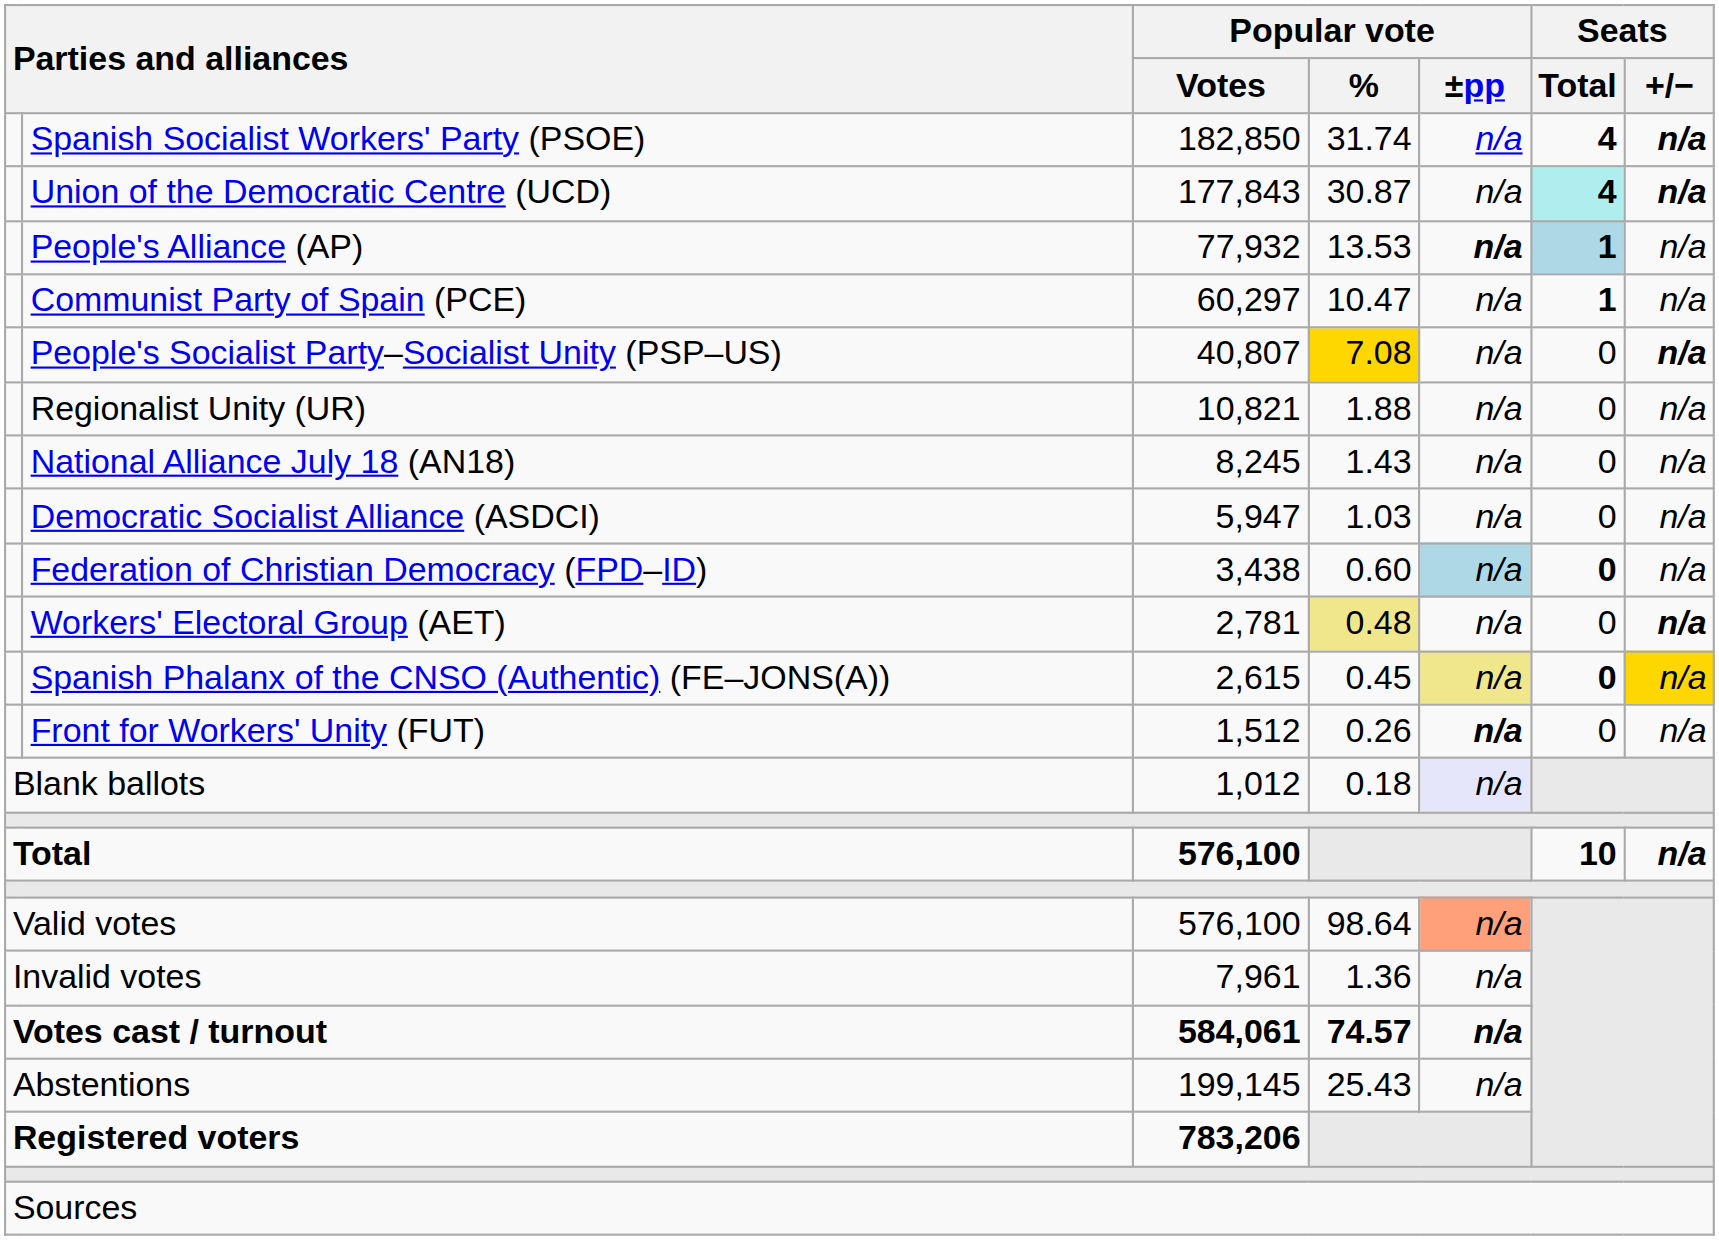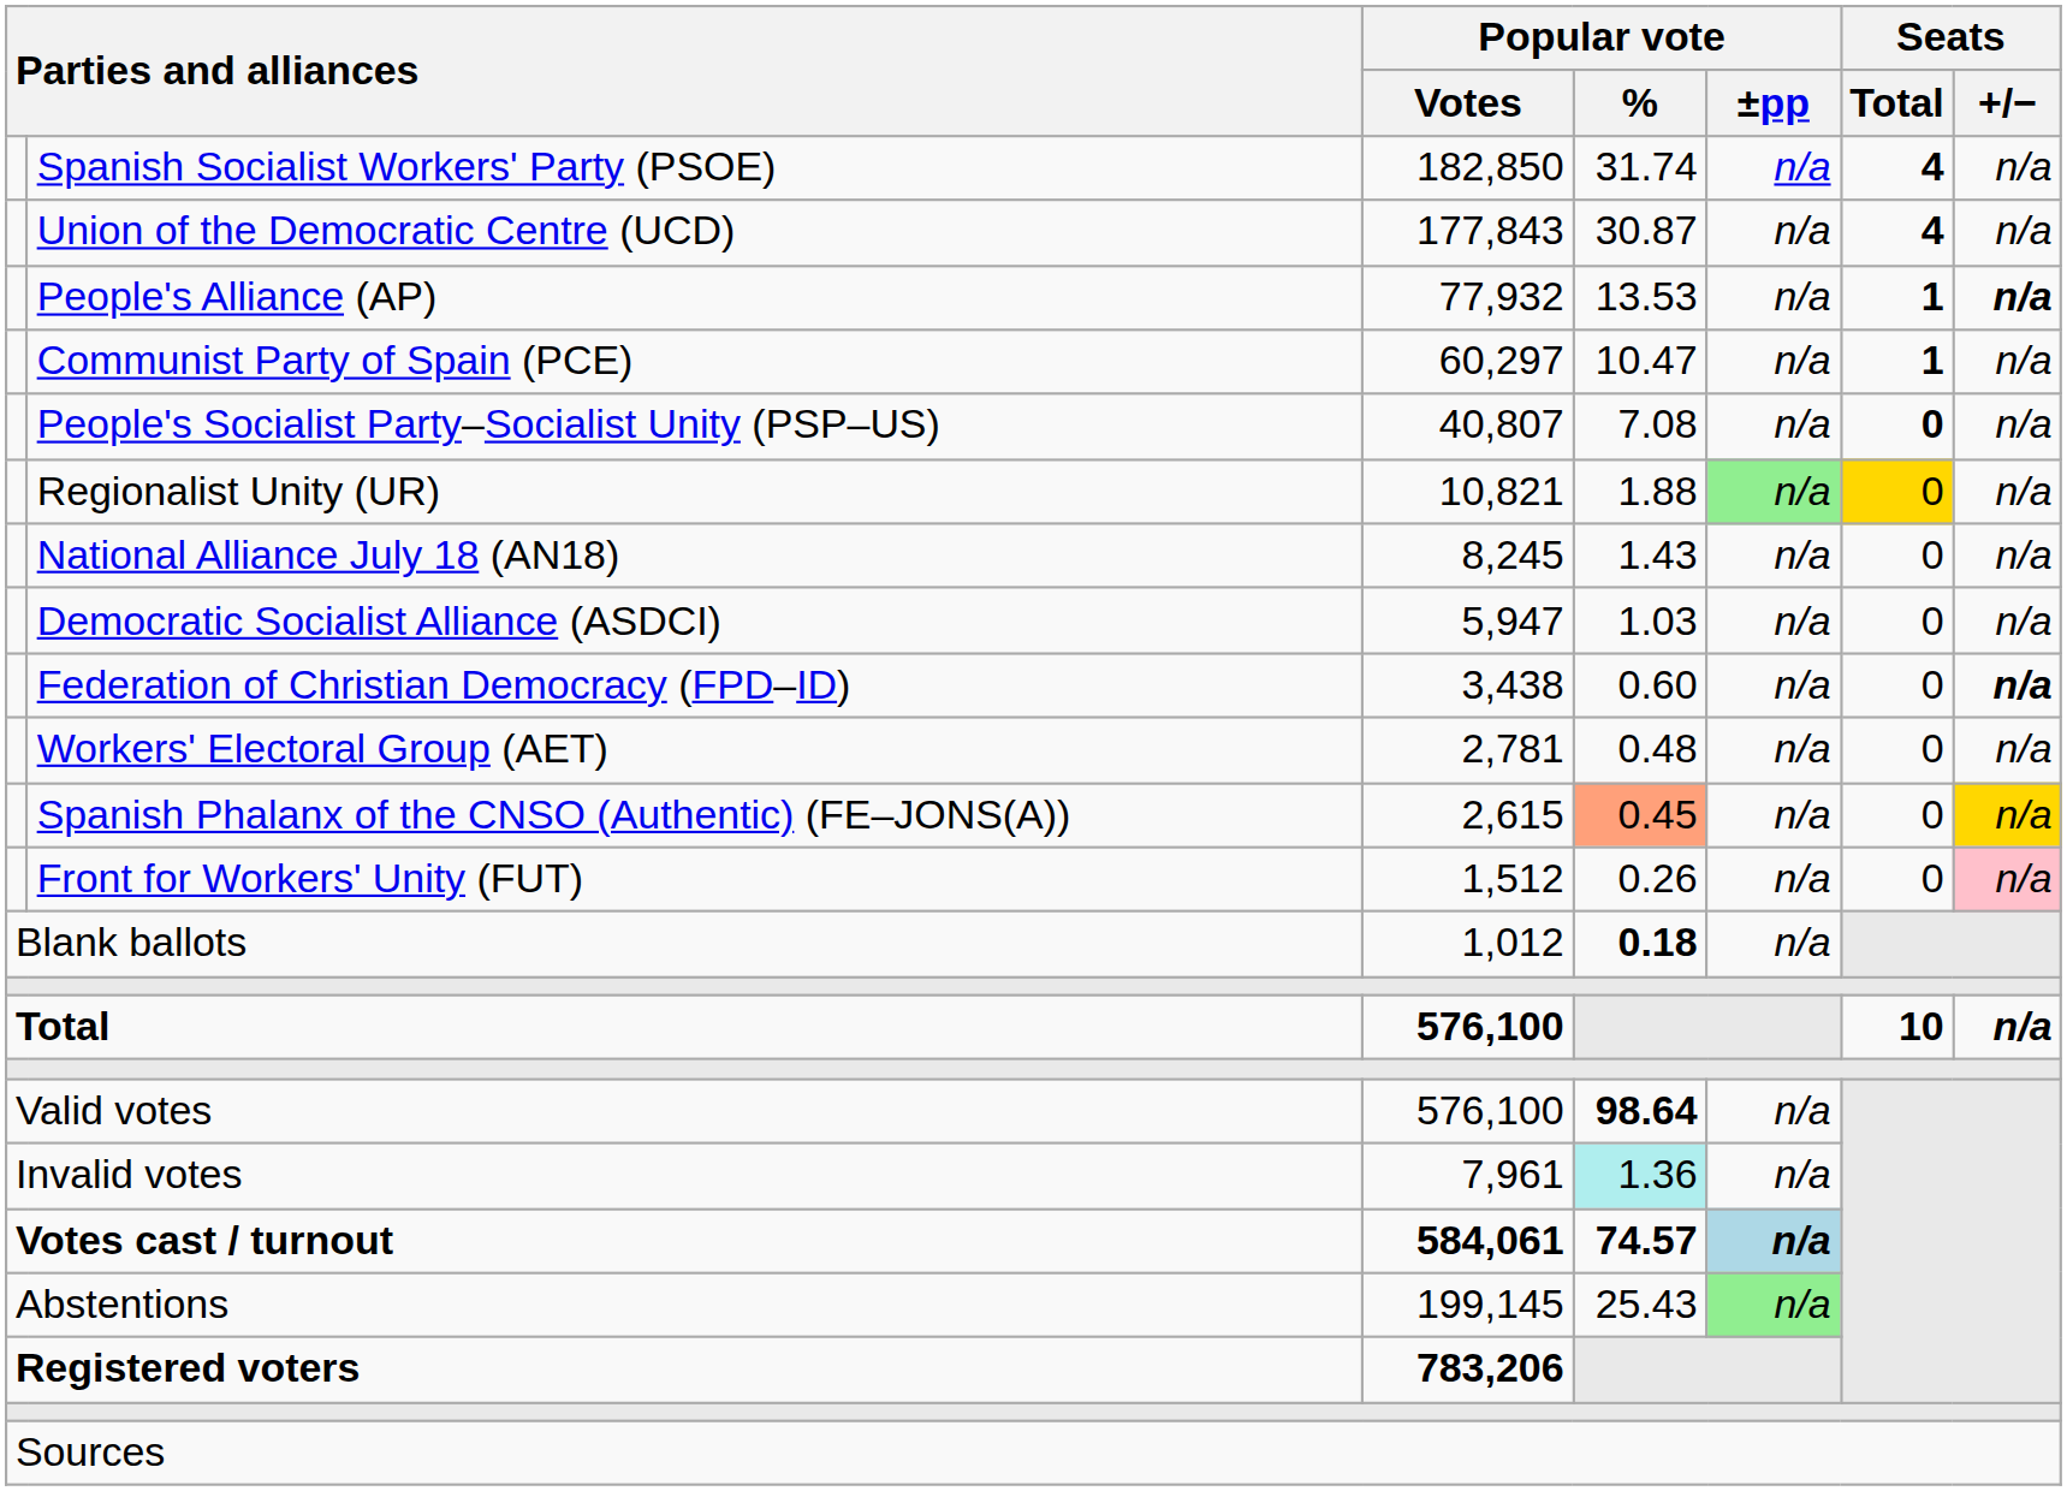 <table class="wikitable" style="text-align:right;">
 <tr>
 <th style="text-align:left;" rowspan="2" colspan="2" width="525">Parties and alliances</th>
 <th colspan="3">Popular vote</th>
 <th colspan="2">Seats</th>
 </tr>
 <tr>
 <th width="75">Votes</th>
 <th width="45">%</th>
 <th width="45">±<a href='#'>pp</a></th>
 <th width="35">Total</th>
 <th width="35">+/−</th>
 </tr>
 <tr>
 <td width="1" style="color:inherit;background:"></td>
 <td align="left"><a href='#'>Spanish Socialist Workers' Party</a> (PSOE)</td>
 <td>182,850</td>
 <td>31.74</td>
 <td><em><a href='#'>n/a</a></em></td>
 <td><strong>4</strong></td>
-<td><strong><em>n/a</em></strong></td>
+<td><em>n/a</em></td>
 </tr>
 <tr>
 <td style="color:inherit;background:"></td>
 <td align="left"><a href='#'>Union of the Democratic Centre</a> (UCD)</td>
 <td>177,843</td>
 <td>30.87</td>
 <td><em>n/a</em></td>
-<td style="background: paleturquoise;"><strong>4</strong></td>
-<td><strong><em>n/a</em></strong></td>
+<td><strong>4</strong></td>
+<td><em>n/a</em></td>
 </tr>
 <tr>
 <td style="color:inherit;background:"></td>
 <td align="left"><a href='#'>People's Alliance</a> (AP)</td>
 <td>77,932</td>
 <td>13.53</td>
+<td><em>n/a</em></td>
+<td><strong>1</strong></td>
 <td><strong><em>n/a</em></strong></td>
-<td style="background: lightblue;"><strong>1</strong></td>
-<td><em>n/a</em></td>
 </tr>
 <tr>
 <td style="color:inherit;background:"></td>
 <td align="left"><a href='#'>Communist Party of Spain</a> (PCE)</td>
 <td>60,297</td>
 <td>10.47</td>
 <td><em>n/a</em></td>
 <td><strong>1</strong></td>
 <td><em>n/a</em></td>
 </tr>
 <tr>
 <td style="color:inherit;background:"></td>
 <td align="left"><a href='#'>People's Socialist Party</a>–<a href='#'>Socialist Unity</a> (PSP–US)</td>
 <td>40,807</td>
-<td style="background: gold;">7.08</td>
+<td>7.08</td>
 <td><em>n/a</em></td>
-<td>0</td>
-<td><strong><em>n/a</em></strong></td>
+<td><strong>0</strong></td>
+<td><em>n/a</em></td>
 </tr>
 <tr>
 <td style="color:inherit;background:"></td>
 <td align="left">Regionalist Unity (UR)</td>
 <td>10,821</td>
 <td>1.88</td>
-<td><em>n/a</em></td>
-<td>0</td>
+<td style="background: lightgreen;"><em>n/a</em></td>
+<td style="background: gold;">0</td>
 <td><em>n/a</em></td>
 </tr>
 <tr>
 <td style="color:inherit;background:"></td>
 <td align="left"><a href='#'>National Alliance July 18</a> (AN18)</td>
 <td>8,245</td>
 <td>1.43</td>
 <td><em>n/a</em></td>
 <td>0</td>
 <td><em>n/a</em></td>
 </tr>
 <tr>
 <td style="color:inherit;background:"></td>
 <td align="left"><a href='#'>Democratic Socialist Alliance</a> (ASDCI)</td>
 <td>5,947</td>
 <td>1.03</td>
 <td><em>n/a</em></td>
 <td>0</td>
 <td><em>n/a</em></td>
 </tr>
 <tr>
 <td style="color:inherit;background:"></td>
 <td align="left"><a href='#'>Federation of Christian Democracy</a> (<a href='#'>FPD</a>–<a href='#'>ID</a>)</td>
 <td>3,438</td>
 <td>0.60</td>
-<td style="background: lightblue;"><em>n/a</em></td>
-<td><strong>0</strong></td>
-<td><em>n/a</em></td>
-</tr>
-<tr>
-<td style="color:inherit;background:"></td>
-<td align="left"><a href='#'>Workers' Electoral Group</a> (AET)</td>
-<td>2,781</td>
-<td style="background: khaki;">0.48</td>
 <td><em>n/a</em></td>
 <td>0</td>
 <td><strong><em>n/a</em></strong></td>
 </tr>
 <tr>
 <td style="color:inherit;background:"></td>
+<td align="left"><a href='#'>Workers' Electoral Group</a> (AET)</td>
+<td>2,781</td>
+<td>0.48</td>
+<td><em>n/a</em></td>
+<td>0</td>
+<td><em>n/a</em></td>
+</tr>
+<tr>
+<td style="color:inherit;background:"></td>
 <td align="left"><a href='#'>Spanish Phalanx of the CNSO (Authentic)</a> (FE–JONS(A))</td>
 <td>2,615</td>
-<td>0.45</td>
-<td style="background: khaki;"><em>n/a</em></td>
-<td><strong>0</strong></td>
+<td style="background: lightsalmon;">0.45</td>
+<td><em>n/a</em></td>
+<td>0</td>
 <td style="background: gold;"><em>n/a</em></td>
 </tr>
 <tr>
 <td style="color:inherit;background:"></td>
 <td align="left"><a href='#'>Front for Workers' Unity</a> (FUT)</td>
 <td>1,512</td>
 <td>0.26</td>
-<td><strong><em>n/a</em></strong></td>
+<td><em>n/a</em></td>
 <td>0</td>
-<td><em>n/a</em></td>
+<td style="background: pink;"><em>n/a</em></td>
 </tr>
 <tr>
 <td align="left" colspan="2">Blank ballots</td>
 <td>1,012</td>
-<td>0.18</td>
-<td style="background: lavender;"><em>n/a</em></td>
+<td><strong>0.18</strong></td>
+<td><em>n/a</em></td>
 <td bgcolor="#E9E9E9" colspan="2"></td>
 </tr>
 <tr>
 <td colspan="7" bgcolor="#E9E9E9"></td>
 </tr>
 <tr style="font-weight:bold;">
 <td align="left" colspan="2">Total</td>
 <td>576,100</td>
 <td bgcolor="#E9E9E9" colspan="2"></td>
 <td>10</td>
 <td><em>n/a</em></td>
 </tr>
 <tr>
 <td colspan="7" bgcolor="#E9E9E9"></td>
 </tr>
 <tr>
 <td align="left" colspan="2">Valid votes</td>
 <td>576,100</td>
-<td>98.64</td>
-<td style="background: lightsalmon;"><em>n/a</em></td>
+<td><strong>98.64</strong></td>
+<td><em>n/a</em></td>
 <td bgcolor="#E9E9E9" colspan="2" rowspan="5"></td>
 </tr>
 <tr>
 <td align="left" colspan="2">Invalid votes</td>
 <td>7,961</td>
-<td>1.36</td>
+<td style="background: paleturquoise;">1.36</td>
 <td><em>n/a</em></td>
 </tr>
 <tr style="font-weight:bold;">
 <td align="left" colspan="2">Votes cast / turnout</td>
 <td>584,061</td>
 <td>74.57</td>
-<td><em>n/a</em></td>
+<td style="background: lightblue;"><em>n/a</em></td>
 </tr>
 <tr>
 <td align="left" colspan="2">Abstentions</td>
 <td>199,145</td>
 <td>25.43</td>
-<td><em>n/a</em></td>
+<td style="background: lightgreen;"><em>n/a</em></td>
 </tr>
 <tr style="font-weight:bold;">
 <td align="left" colspan="2">Registered voters</td>
 <td>783,206</td>
 <td bgcolor="#E9E9E9" colspan="2"></td>
 </tr>
 <tr>
 <td colspan="7" bgcolor="#E9E9E9"></td>
 </tr>
 <tr>
 <td align="left" colspan="7">Sources</td>
 </tr>
 </table>
